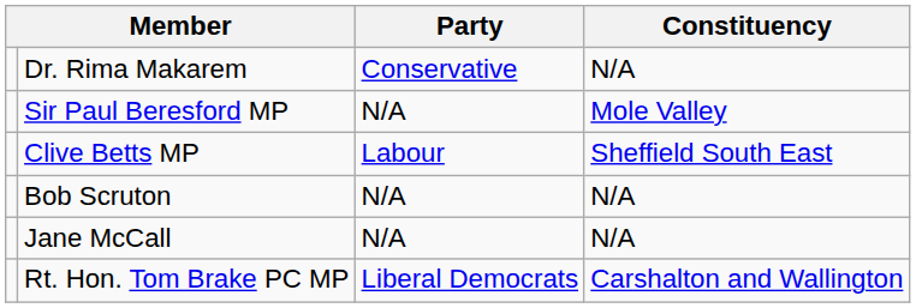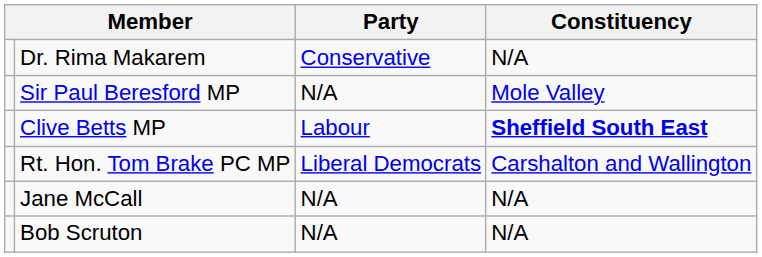 <table class="wikitable">
 <tr>
 <th colspan="2" valign="top">Member</th>
 <th valign="top">Party</th>
 <th valign="top">Constituency</th>
 </tr>
 <tr>
 <td></td>
 <td>Dr. Rima Makarem</td>
 <td><a href='#'>Conservative</a></td>
 <td>N/A</td>
 </tr>
 <tr>
 <td style="color:inherit;background:"></td>
 <td><a href='#'>Sir Paul Beresford</a> MP</td>
 <td>N/A</td>
 <td><a href='#'>Mole Valley</a></td>
 </tr>
 <tr>
 <td style="color:inherit;background:"></td>
 <td><a href='#'>Clive Betts</a> MP</td>
 <td><a href='#'>Labour</a></td>
-<td><a href='#'>Sheffield South East</a></td>
+<td><strong><a href='#'>Sheffield South East</a></strong></td>
 </tr>
 <tr>
-<td></td>
-<td>Bob Scruton</td>
-<td>N/A</td>
-<td>N/A</td>
+<td style="color:inherit;background:"></td>
+<td>Rt. Hon. <a href='#'>Tom Brake</a> PC MP</td>
+<td><a href='#'>Liberal Democrats</a></td>
+<td><a href='#'>Carshalton and Wallington</a></td>
 </tr>
 <tr>
 <td></td>
 <td>Jane McCall</td>
 <td>N/A</td>
 <td>N/A</td>
 </tr>
 <tr>
-<td style="color:inherit;background:"></td>
-<td>Rt. Hon. <a href='#'>Tom Brake</a> PC MP</td>
-<td><a href='#'>Liberal Democrats</a></td>
-<td><a href='#'>Carshalton and Wallington</a></td>
+<td></td>
+<td>Bob Scruton</td>
+<td>N/A</td>
+<td>N/A</td>
 </tr>
 </table>
